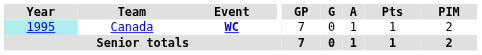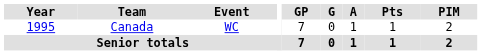 <table border="0" cellpadding="1" cellspacing="0" ID="Table3" style="text-align:center; width:40em">
 <tr bgcolor="#e0e0e0">
 <th>Year</th>
 <th>Team</th>
 <th>Event</th>
 <th rowspan="102" bgcolor="#ffffff"></th>
 <th>GP</th>
 <th>G</th>
 <th>A</th>
 <th>Pts</th>
 <th>PIM</th>
 </tr>
 <tr>
-<td style="background: paleturquoise;"><a href='#'>1995</a></td>
+<td><a href='#'>1995</a></td>
 <td><a href='#'>Canada</a></td>
-<td><strong><a href='#'>WC</a></strong></td>
+<td><a href='#'>WC</a></td>
 <td>7</td>
 <td>0</td>
 <td>1</td>
 <td>1</td>
 <td>2</td>
 </tr>
 <tr bgcolor="#e0e0e0">
 <th colspan="4">Senior totals</th>
 <th>7</th>
 <th>0</th>
 <th>1</th>
 <th>1</th>
 <th>2</th>
 </tr>
 </table>
